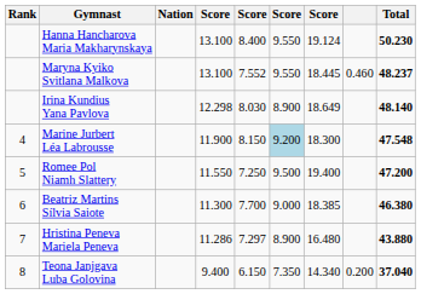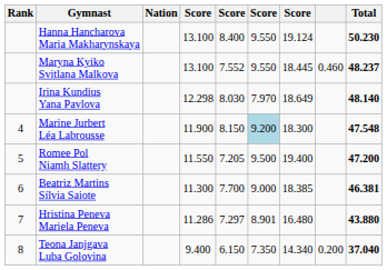 <table class="wikitable sortable" style="text-align:center">
 <tr>
 <th>Rank</th>
 <th>Gymnast</th>
 <th>Nation</th>
 <th> Score</th>
 <th> Score</th>
 <th> Score</th>
 <th> Score</th>
 <th></th>
 <th>Total</th>
 </tr>
 <tr>
 <td></td>
 <td align=left><a href='#'>Hanna Hancharova</a><br><a href='#'>Maria Makharynskaya</a></td>
 <td align=left></td>
 <td>13.100</td>
 <td>8.400</td>
 <td>9.550</td>
 <td>19.124</td>
 <td></td>
 <td><strong>50.230</strong></td>
 </tr>
 <tr>
 <td></td>
 <td align=left><a href='#'>Maryna Kyiko</a><br><a href='#'>Svitlana Malkova</a></td>
 <td align=left></td>
 <td>13.100</td>
 <td>7.552</td>
 <td>9.550</td>
 <td>18.445</td>
 <td>0.460</td>
 <td><strong>48.237</strong></td>
 </tr>
 <tr>
 <td></td>
 <td align=left><a href='#'>Irina Kundius</a><br><a href='#'>Yana Pavlova</a></td>
 <td align=left></td>
 <td>12.298</td>
 <td>8.030</td>
-<td>8.900</td>
+<td>7.970</td>
 <td>18.649</td>
 <td></td>
 <td><strong>48.140</strong></td>
 </tr>
 <tr>
 <td>4</td>
 <td align=left><a href='#'>Marine Jurbert</a><br><a href='#'>Léa Labrousse</a></td>
 <td align=left></td>
 <td>11.900</td>
 <td>8.150</td>
 <td style="background: lightblue;">9.200</td>
 <td>18.300</td>
 <td></td>
 <td><strong>47.548</strong></td>
 </tr>
 <tr>
 <td>5</td>
 <td align=left><a href='#'>Romee Pol</a><br><a href='#'>Niamh Slattery</a></td>
 <td align=left></td>
 <td>11.550</td>
-<td>7.250</td>
+<td>7.205</td>
 <td>9.500</td>
 <td>19.400</td>
 <td></td>
 <td><strong>47.200</strong></td>
 </tr>
 <tr>
 <td>6</td>
 <td align=left><a href='#'>Beatriz Martins</a><br><a href='#'>Sílvia Saiote</a></td>
 <td align=left></td>
 <td>11.300</td>
 <td>7.700</td>
 <td>9.000</td>
 <td>18.385</td>
 <td></td>
-<td><strong>46.380</strong></td>
+<td><strong>46.381</strong></td>
 </tr>
 <tr>
 <td>7</td>
 <td align=left><a href='#'>Hristina Peneva</a><br><a href='#'>Mariela Peneva</a></td>
 <td align=left></td>
 <td>11.286</td>
 <td>7.297</td>
-<td>8.900</td>
+<td>8.901</td>
 <td>16.480</td>
 <td></td>
 <td><strong>43.880</strong></td>
 </tr>
 <tr>
 <td>8</td>
 <td align=left><a href='#'>Teona Janjgava</a><br><a href='#'>Luba Golovina</a></td>
 <td align=left></td>
 <td>9.400</td>
 <td>6.150</td>
 <td>7.350</td>
 <td>14.340</td>
 <td>0.200</td>
 <td><strong>37.040</strong></td>
 </tr>
 </table>
